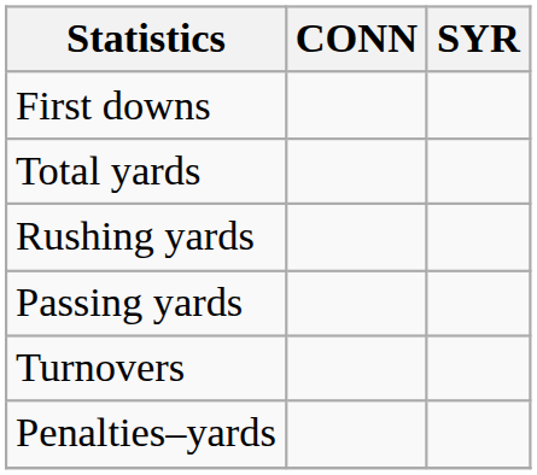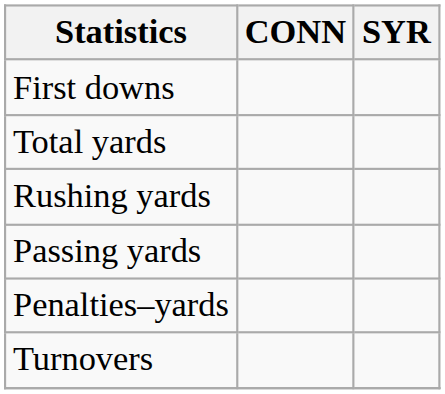 <table class="wikitable" style="float: left;">
 <tr>
 <th>Statistics</th>
 <th>CONN</th>
 <th>SYR</th>
 </tr>
 <tr>
 <td>First downs</td>
 <td></td>
 <td></td>
 </tr>
 <tr>
 <td>Total yards</td>
 <td></td>
 <td></td>
 </tr>
 <tr>
 <td>Rushing yards</td>
 <td></td>
 <td></td>
 </tr>
 <tr>
 <td>Passing yards</td>
 <td></td>
 <td></td>
 </tr>
 <tr>
-<td>Turnovers</td>
+<td>Penalties–yards</td>
 <td></td>
 <td></td>
 </tr>
 <tr>
-<td>Penalties–yards</td>
+<td>Turnovers</td>
 <td></td>
 <td></td>
 </tr>
 <tr>
 </tr>
 </table>
